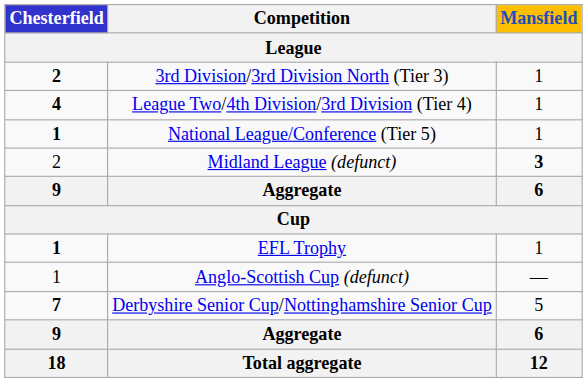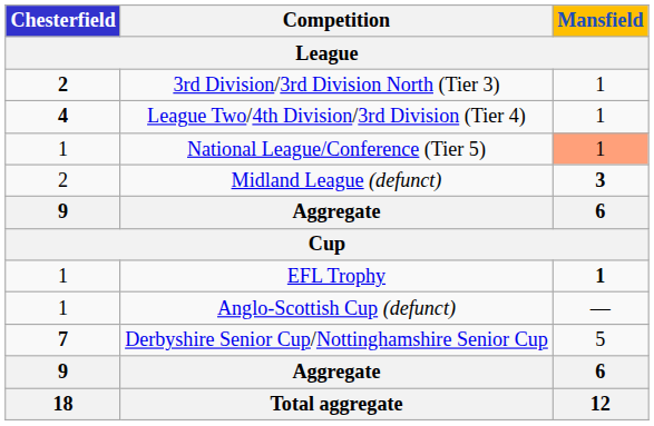 <table class="wikitable sortable" style="width:auto; margin:auto;">
 <tr>
 <th style="color:#fff; background-color:#3232CD;">Chesterfield</th>
 <th>Competition</th>
 <th style="color:#1c4ebd; background-color:#ffbf00;">Mansfield</th>
 </tr>
 <tr style="text-align:center;">
 <th colspan="4">League</th>
 </tr>
 <tr style="text-align:center;">
 <td><strong>2</strong></td>
 <td><a href='#'>3rd Division</a>/<a href='#'>3rd Division North</a> (Tier 3)</td>
 <td>1</td>
 </tr>
 <tr style="text-align:center;">
 <td><strong>4</strong></td>
 <td><a href='#'>League Two</a>/<a href='#'>4th Division</a>/<a href='#'>3rd Division</a> (Tier 4)</td>
 <td>1</td>
 </tr>
 <tr style="text-align:center;">
-<td><strong>1</strong></td>
+<td>1</td>
 <td><a href='#'>National League/Conference</a> (Tier 5)</td>
-<td>1</td>
+<td style="background: lightsalmon;">1</td>
 </tr>
 <tr style="text-align:center;">
 <td>2</td>
 <td><a href='#'>Midland League</a> <em>(defunct)</em></td>
 <td><strong>3</strong></td>
 </tr>
 <tr align="center">
 <th>9</th>
 <th>Aggregate</th>
 <th>6</th>
 </tr>
 <tr style="text-align:center;">
 <th colspan="4">Cup</th>
 </tr>
 <tr style="text-align:center;">
+<td>1</td>
+<td><a href='#'>EFL Trophy</a></td>
 <td><strong>1</strong></td>
-<td><a href='#'>EFL Trophy</a></td>
-<td>1</td>
 </tr>
 <tr style="text-align:center;">
 <td>1</td>
 <td><a href='#'>Anglo-Scottish Cup</a> <em>(defunct)</em></td>
 <td>—</td>
 </tr>
 <tr style="text-align:center;">
 <td><strong>7</strong></td>
 <td><a href='#'>Derbyshire Senior Cup</a>/<a href='#'>Nottinghamshire Senior Cup</a></td>
 <td>5</td>
 </tr>
 <tr align="center">
 <th>9</th>
 <th>Aggregate</th>
 <th>6</th>
 </tr>
 <tr align="center">
 <th>18</th>
 <th>Total aggregate</th>
 <th>12</th>
 </tr>
 </table>
